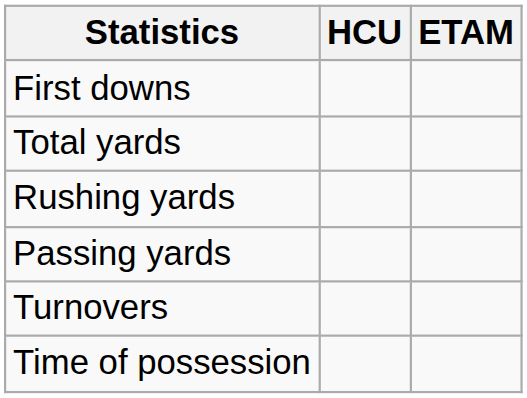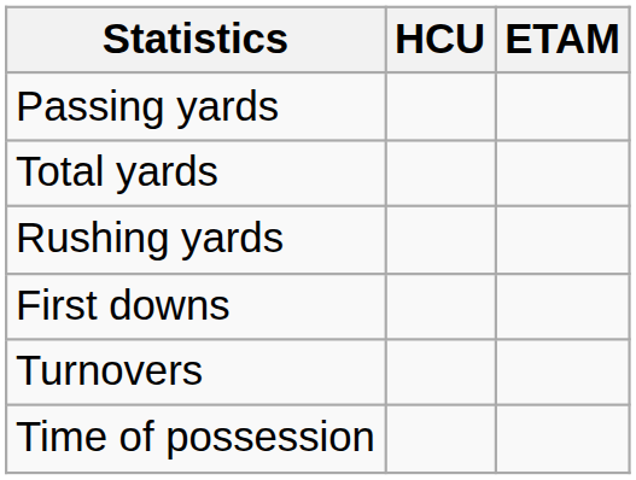 <table class="wikitable" style="float:left">
 <tr>
 <th>Statistics</th>
 <th>HCU</th>
 <th>ETAM</th>
 </tr>
 <tr>
-<td>First downs</td>
+<td>Passing yards</td>
 <td></td>
 <td></td>
 </tr>
 <tr>
 <td>Total yards</td>
 <td></td>
 <td></td>
 </tr>
 <tr>
 <td>Rushing yards</td>
 <td></td>
 <td></td>
 </tr>
 <tr>
-<td>Passing yards</td>
+<td>First downs</td>
 <td></td>
 <td></td>
 </tr>
 <tr>
 <td>Turnovers</td>
 <td></td>
 <td></td>
 </tr>
 <tr>
 <td>Time of possession</td>
 <td></td>
 <td></td>
 </tr>
 </table>
